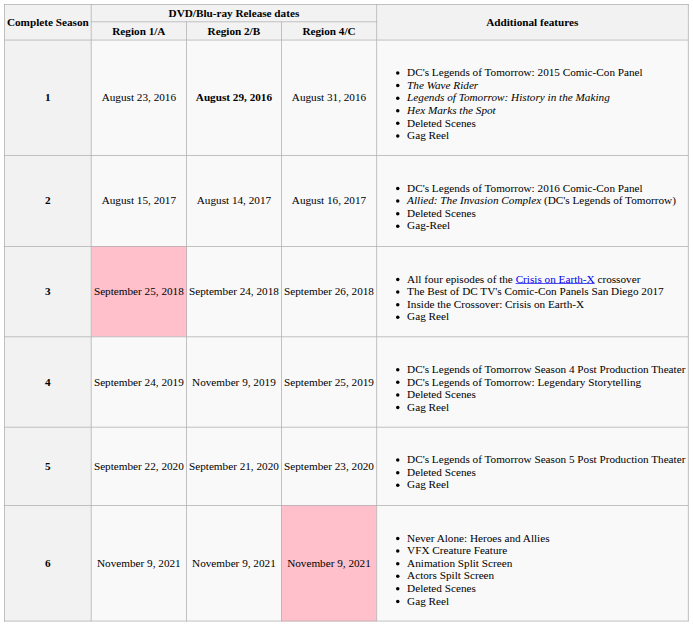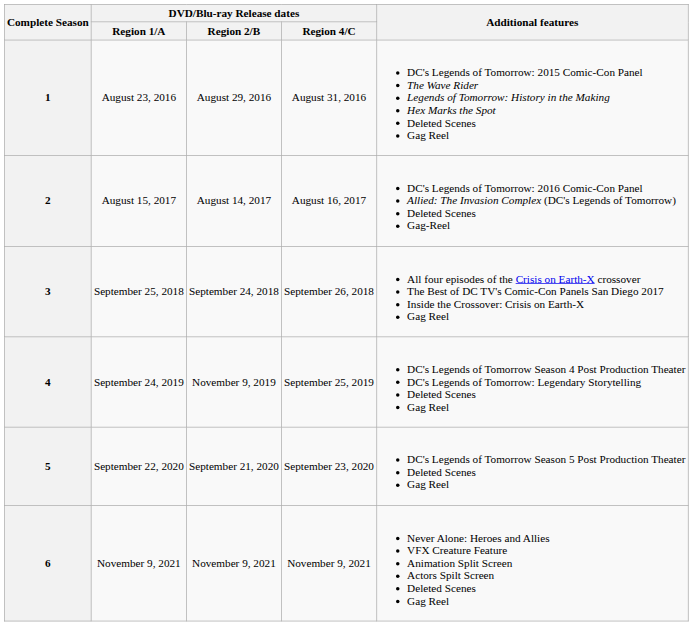 <table class="wikitable">
 <tr>
 <th scope="col" rowspan="2">Complete Season</th>
 <th scope="col" colspan="3">DVD/Blu-ray Release dates</th>
 <th scope="col" rowspan="2">Additional features</th>
 </tr>
 <tr>
 <th scope="col">Region 1/A</th>
 <th scope="col">Region 2/B</th>
 <th scope="col">Region 4/C</th>
 </tr>
 <tr>
 <th scope="row">1</th>
 <td style="text-align:center">August 23, 2016</td>
-<td style="text-align:center"><strong>August 29, 2016</strong></td>
+<td style="text-align:center">August 29, 2016</td>
 <td style="text-align:center">August 31, 2016</td>
 <td><br><ul><li>DC's Legends of Tomorrow: 2015 Comic-Con Panel</li><li><em>The Wave Rider</em></li><li><em>Legends of Tomorrow: History in the Making</em></li><li><em>Hex Marks the Spot</em></li><li>Deleted Scenes</li><li>Gag Reel</li></ul></td>
 </tr>
 <tr>
 <th scope="row">2</th>
 <td style="text-align:center">August 15, 2017</td>
 <td style="text-align:center">August 14, 2017</td>
 <td style="text-align:center">August 16, 2017</td>
 <td><br><ul><li>DC's Legends of Tomorrow: 2016 Comic-Con Panel</li><li><em>Allied: The Invasion Complex</em> (DC's Legends of Tomorrow)</li><li>Deleted Scenes</li><li>Gag-Reel</li></ul></td>
 </tr>
 <tr>
 <th scope="row">3</th>
-<td style="background: pink; text-align:center">September 25, 2018</td>
+<td style="text-align:center">September 25, 2018</td>
 <td style="text-align:center">September 24, 2018</td>
 <td style="text-align:center">September 26, 2018</td>
 <td><br><ul><li>All four episodes of the <a href='#'>Crisis on Earth-X</a> crossover</li><li>The Best of DC TV's Comic-Con Panels San Diego 2017</li><li>Inside the Crossover: Crisis on Earth-X</li><li>Gag Reel</li></ul></td>
 </tr>
 <tr>
 <th scope="row">4</th>
 <td style="text-align:center">September 24, 2019</td>
 <td style="text-align:center">November 9, 2019</td>
 <td style="text-align:center">September 25, 2019</td>
 <td><br><ul><li>DC's Legends of Tomorrow Season 4 Post Production Theater</li><li>DC's Legends of Tomorrow: Legendary Storytelling</li><li>Deleted Scenes</li><li>Gag Reel</li></ul></td>
 </tr>
 <tr>
 <th scope="row">5</th>
 <td style="text-align:center">September 22, 2020</td>
 <td style="text-align:center">September 21, 2020</td>
 <td style="text-align:center">September 23, 2020</td>
 <td><br><ul><li>DC's Legends of Tomorrow Season 5 Post Production Theater</li><li>Deleted Scenes</li><li>Gag Reel</li></ul></td>
 </tr>
 <tr>
 <th scope="row">6</th>
 <td style="text-align:center">November 9, 2021</td>
 <td style="text-align:center">November 9, 2021</td>
-<td style="background: pink; text-align:center">November 9, 2021</td>
+<td style="text-align:center">November 9, 2021</td>
 <td><br><ul><li>Never Alone: Heroes and Allies</li><li>VFX Creature Feature</li><li>Animation Split Screen</li><li>Actors Spilt Screen</li><li>Deleted Scenes</li><li>Gag Reel</li></ul></td>
 </tr>
 </table>
